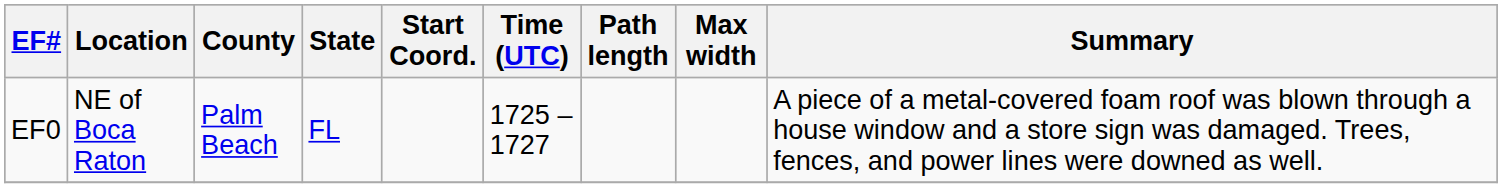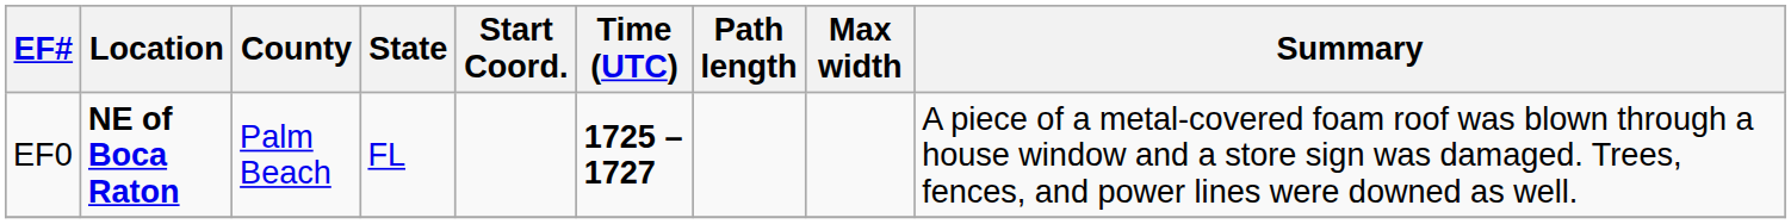 <table class="wikitable sortable" style="width:100%;">
 <tr>
 <th scope="col" width="3%" align="center"><a href='#'>EF#</a></th>
 <th scope="col" width="7%" align="center" class="unsortable">Location</th>
 <th scope="col" width="6%" align="center" class="unsortable">County</th>
 <th scope="col" width="5%" align="center">State</th>
 <th scope="col" width="6%" align="center">Start Coord.</th>
 <th scope="col" width="6%" align="center">Time (<a href='#'>UTC</a>)</th>
 <th scope="col" width="6%" align="center">Path length</th>
 <th scope="col" width="6%" align="center">Max width</th>
 <th scope="col" width="48%" class="unsortable" align="center">Summary</th>
 </tr>
 <tr>
 <td>EF0</td>
-<td>NE of <a href='#'>Boca Raton</a></td>
+<td><strong>NE of <a href='#'>Boca Raton</a></strong></td>
 <td><a href='#'>Palm Beach</a></td>
 <td><a href='#'>FL</a></td>
 <td></td>
-<td>1725 – 1727</td>
+<td><strong>1725 – 1727</strong></td>
 <td></td>
 <td></td>
 <td>A piece of a metal-covered foam roof was blown through a house window and a store sign was damaged. Trees, fences, and power lines were downed as well.</td>
 </tr>
 <tr>
 </tr>
 </table>
